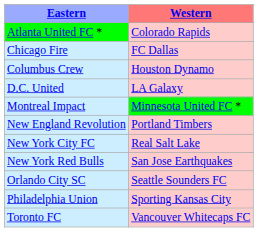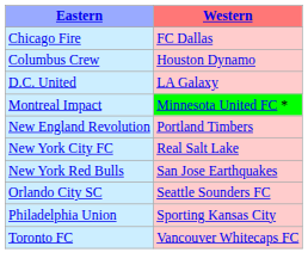 <table class="wikitable">
 <tr>
 <th style="background-color: #9AF;"><a href='#'>Eastern</a></th>
 <th style="background-color: #F77;"><a href='#'>Western</a></th>
-</tr>
-<tr>
-<td style="background-color: #0F0;"><a href='#'>Atlanta United FC</a> *</td>
-<td style="background-color: #FCC;"><a href='#'>Colorado Rapids</a></td>
 </tr>
 <tr>
 <td style="background-color: #CEF;"><a href='#'>Chicago Fire</a></td>
 <td style="background-color: #FCC;"><a href='#'>FC Dallas</a></td>
 </tr>
 <tr>
 <td style="background-color: #CEF;"><a href='#'>Columbus Crew</a></td>
 <td style="background-color: #FCC;"><a href='#'>Houston Dynamo</a></td>
 </tr>
 <tr>
 <td style="background-color: #CEF;"><a href='#'>D.C. United</a></td>
 <td style="background-color: #FCC;"><a href='#'>LA Galaxy</a></td>
 </tr>
 <tr>
 <td style="background-color: #CEF;"><a href='#'>Montreal Impact</a></td>
 <td style="background-color: #0F0;"><a href='#'>Minnesota United FC</a> *</td>
 </tr>
 <tr>
 <td style="background-color: #CEF;"><a href='#'>New England Revolution</a></td>
 <td style="background-color: #FCC;"><a href='#'>Portland Timbers</a></td>
 </tr>
 <tr>
 <td style="background-color: #CEF;"><a href='#'>New York City FC</a></td>
 <td style="background-color: #FCC;"><a href='#'>Real Salt Lake</a></td>
 </tr>
 <tr>
 <td style="background-color: #CEF;"><a href='#'>New York Red Bulls</a></td>
 <td style="background-color: #FCC;"><a href='#'>San Jose Earthquakes</a></td>
 </tr>
 <tr>
 <td style="background-color: #CEF;"><a href='#'>Orlando City SC</a></td>
 <td style="background-color: #FCC;"><a href='#'>Seattle Sounders FC</a></td>
 </tr>
 <tr>
 <td style="background-color: #CEF;"><a href='#'>Philadelphia Union</a></td>
 <td style="background-color: #FCC;"><a href='#'>Sporting Kansas City</a></td>
 </tr>
 <tr>
 <td style="background-color: #CEF;"><a href='#'>Toronto FC</a></td>
 <td style="background-color: #FCC;"><a href='#'>Vancouver Whitecaps FC</a></td>
 </tr>
 </table>
